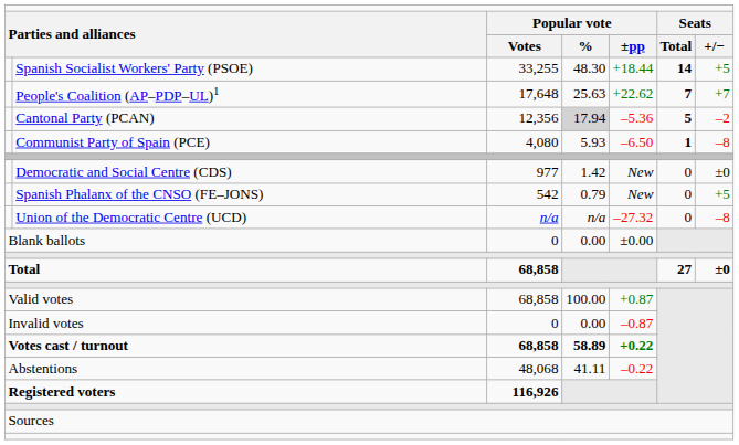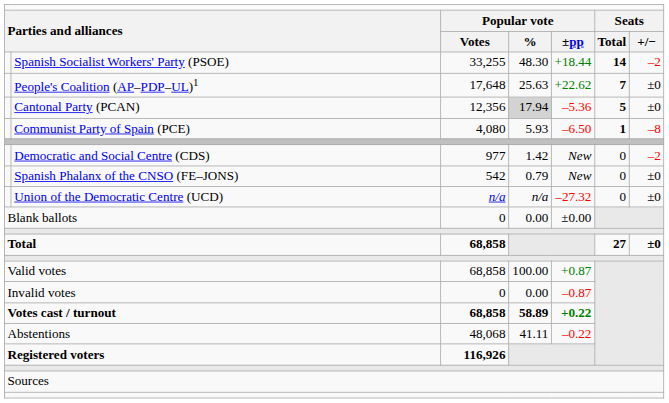 <table class="wikitable" style="text-align:right;">
 <tr>
 <td colspan="7"></td>
 </tr>
 <tr>
 <th style="text-align:left;" rowspan="2" colspan="2" width="525">Parties and alliances</th>
 <th colspan="3">Popular vote</th>
 <th colspan="2">Seats</th>
 </tr>
 <tr>
 <th width="75">Votes</th>
 <th width="45">%</th>
 <th width="45">±<a href='#'>pp</a></th>
 <th width="35">Total</th>
 <th width="35">+/−</th>
 </tr>
 <tr>
 <td width="1" style="color:inherit;background:"></td>
 <td align="left"><a href='#'>Spanish Socialist Workers' Party</a> (PSOE)</td>
 <td>33,255</td>
 <td>48.30</td>
 <td style="color:green;">+18.44</td>
 <td><strong>14</strong></td>
-<td style="color:green;">+5</td>
+<td style="color:red;">–2</td>
 </tr>
 <tr>
 <td style="color:inherit;background:"></td>
 <td align="left"><a href='#'>People's Coalition</a> (<a href='#'>AP</a>–<a href='#'>PDP</a>–<a href='#'>UL</a>)<sup>1</sup></td>
 <td>17,648</td>
 <td>25.63</td>
 <td style="color:green;">+22.62</td>
 <td><strong>7</strong></td>
-<td style="color:green;">+7</td>
+<td>±0</td>
 </tr>
 <tr>
 <td style="color:inherit;background:"></td>
 <td align="left"><a href='#'>Cantonal Party</a> (PCAN)</td>
 <td>12,356</td>
 <td style="background: lightgrey;">17.94</td>
 <td style="color:red;">–5.36</td>
 <td><strong>5</strong></td>
-<td style="color:red;">–2</td>
+<td>±0</td>
 </tr>
 <tr>
 <td style="color:inherit;background:"></td>
 <td align="left"><a href='#'>Communist Party of Spain</a> (PCE)</td>
 <td>4,080</td>
 <td>5.93</td>
 <td style="color:red;">–6.50</td>
 <td><strong>1</strong></td>
 <td style="color:red;">–8</td>
 </tr>
 <tr>
 <td colspan="7" bgcolor="#C0C0C0"></td>
 </tr>
 <tr>
 <td style="color:inherit;background:"></td>
 <td align="left"><a href='#'>Democratic and Social Centre</a> (CDS)</td>
 <td>977</td>
 <td>1.42</td>
 <td><em>New</em></td>
 <td>0</td>
-<td>±0</td>
+<td style="color:red;">–2</td>
 </tr>
 <tr>
 <td style="color:inherit;background:"></td>
 <td align="left"><a href='#'>Spanish Phalanx of the CNSO</a> (FE–JONS)</td>
 <td>542</td>
 <td>0.79</td>
 <td><em>New</em></td>
 <td>0</td>
-<td style="color:green;">+5</td>
+<td>±0</td>
 </tr>
 <tr>
 <td style="color:inherit;background:"></td>
 <td align="left"><a href='#'>Union of the Democratic Centre</a> (UCD)</td>
 <td><em><a href='#'>n/a</a></em></td>
 <td><em>n/a</em></td>
 <td style="color:red;">–27.32</td>
 <td>0</td>
-<td style="color:red;">–8</td>
+<td>±0</td>
 </tr>
 <tr>
 <td align="left" colspan="2">Blank ballots</td>
 <td>0</td>
 <td>0.00</td>
 <td>±0.00</td>
 <td bgcolor="#E9E9E9" colspan="2"></td>
 </tr>
 <tr>
 <td colspan="7" bgcolor="#E9E9E9"></td>
 </tr>
 <tr style="font-weight:bold;">
 <td align="left" colspan="2">Total</td>
 <td>68,858</td>
 <td bgcolor="#E9E9E9" colspan="2"></td>
 <td>27</td>
 <td>±0</td>
 </tr>
 <tr>
 <td colspan="7" bgcolor="#E9E9E9"></td>
 </tr>
 <tr>
 <td align="left" colspan="2">Valid votes</td>
 <td>68,858</td>
 <td>100.00</td>
 <td style="color:green;">+0.87</td>
 <td bgcolor="#E9E9E9" colspan="2" rowspan="5"></td>
 </tr>
 <tr>
 <td align="left" colspan="2">Invalid votes</td>
 <td>0</td>
 <td>0.00</td>
 <td style="color:red;">–0.87</td>
 </tr>
 <tr style="font-weight:bold;">
 <td align="left" colspan="2">Votes cast / turnout</td>
 <td>68,858</td>
 <td>58.89</td>
 <td style="color:green;">+0.22</td>
 </tr>
 <tr>
 <td align="left" colspan="2">Abstentions</td>
 <td>48,068</td>
 <td>41.11</td>
 <td style="color:red;">–0.22</td>
 </tr>
 <tr style="font-weight:bold;">
 <td align="left" colspan="2">Registered voters</td>
 <td>116,926</td>
 <td bgcolor="#E9E9E9" colspan="2"></td>
 </tr>
 <tr>
 <td colspan="7" bgcolor="#E9E9E9"></td>
 </tr>
 <tr>
 <td align="left" colspan="7">Sources</td>
 </tr>
 <tr>
 <td colspan="7" style="text-align:left; max-width:790px;"></td>
 </tr>
 </table>
